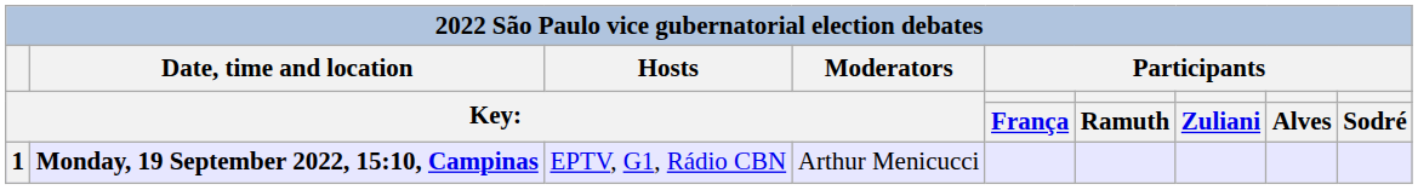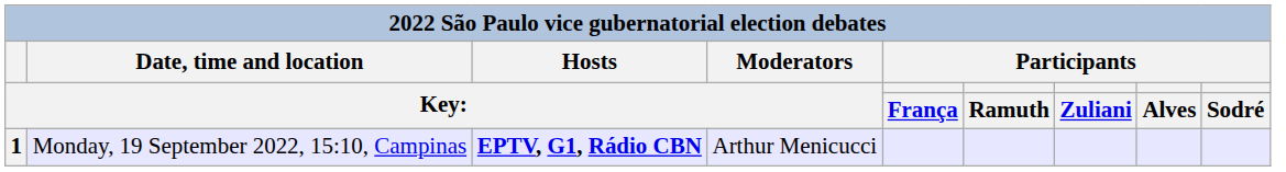 <table class="plainrowheaders wikitable" style=text-align:center>
 <tr>
 <th colspan=9 style=background:#B0C4DE>2022 São Paulo vice gubernatorial election debates</th>
 </tr>
 <tr style=line-height:1.3>
 <th></th>
 <th>Date, time and location</th>
 <th>Hosts</th>
 <th>Moderators</th>
 <th colspan=5 scope=col>Participants</th>
 </tr>
 <tr>
 <th colspan=4 rowspan=2>Key:<br></th>
 <th scope=col style=background:><small><a href='#'></a></small></th>
 <th scope=col style=background:><small> <a href='#'></a></small></th>
 <th scope=col style=background:><small><a href='#'></a></small></th>
 <th scope=col style=background:><small> <a href='#'></a></small></th>
 <th scope=col style=background:><small> <a href='#'></a></small></th>
 </tr>
 <tr>
 <th><a href='#'>França</a></th>
 <th>Ramuth</th>
 <th><a href='#'>Zuliani</a></th>
 <th>Alves</th>
 <th>Sodré</th>
 </tr>
 <tr style=background:#e7e7ff>
 <th scope=row style=text-align:center>1</th>
-<td><strong>Monday, 19 September 2022, 15:10, <a href='#'>Campinas</a></strong></td>
-<td><a href='#'>EPTV</a>, <a href='#'>G1</a>, <a href='#'>Rádio CBN</a></td>
+<td>Monday, 19 September 2022, 15:10, <a href='#'>Campinas</a></td>
+<td><strong><a href='#'>EPTV</a>, <a href='#'>G1</a>, <a href='#'>Rádio CBN</a></strong></td>
 <td>Arthur Menicucci</td>
 <td></td>
 <td></td>
 <td></td>
 <td></td>
 <td></td>
 </tr>
 </table>
